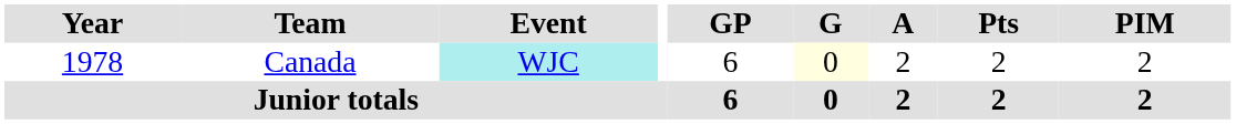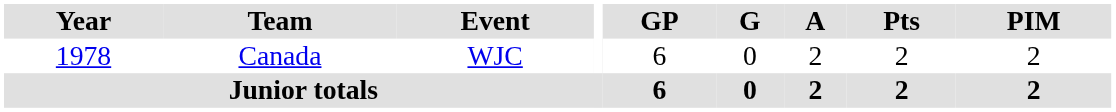 <table border="0" cellpadding="1" cellspacing="0" ID="Table3" style="text-align:center; width:40em">
 <tr bgcolor="#e0e0e0">
 <th>Year</th>
 <th>Team</th>
 <th>Event</th>
 <th rowspan="102" bgcolor="#ffffff"></th>
 <th>GP</th>
 <th>G</th>
 <th>A</th>
 <th>Pts</th>
 <th>PIM</th>
 </tr>
 <tr>
 <td><a href='#'>1978</a></td>
 <td><a href='#'>Canada</a></td>
-<td style="background: paleturquoise;"><a href='#'>WJC</a></td>
+<td><a href='#'>WJC</a></td>
 <td>6</td>
-<td style="background: lightyellow;">0</td>
+<td>0</td>
 <td>2</td>
 <td>2</td>
 <td>2</td>
 </tr>
 <tr bgcolor="#e0e0e0">
 <th colspan="4">Junior totals</th>
 <th>6</th>
 <th>0</th>
 <th>2</th>
 <th>2</th>
 <th>2</th>
 </tr>
 </table>
